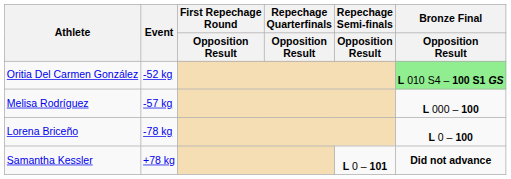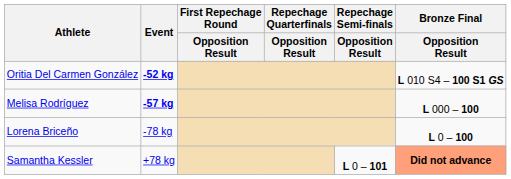 <table class="wikitable" style="font-size:90%">
 <tr>
 <th rowspan="2">Athlete</th>
 <th rowspan="2">Event</th>
 <th>First Repechage <br>Round</th>
 <th>Repechage <br>Quarterfinals</th>
 <th>Repechage <br>Semi-finals</th>
 <th>Bronze Final</th>
 </tr>
 <tr>
 <th>Opposition<br>Result</th>
 <th>Opposition<br>Result</th>
 <th>Opposition<br>Result</th>
 <th>Opposition<br>Result</th>
 </tr>
 <tr>
 <td><a href='#'>Oritia Del Carmen González</a></td>
-<td><a href='#'>-52 kg</a></td>
+<td><strong><a href='#'>-52 kg</a></strong></td>
 <td align="center" bgcolor=wheat colspan=3></td>
-<td align=center style="background: lightgreen;"><br><strong>L</strong> 010 S4 – <strong>100 S1</strong> <strong><em>GS</em></strong></td>
+<td align=center><br><strong>L</strong> 010 S4 – <strong>100 S1</strong> <strong><em>GS</em></strong></td>
 </tr>
 <tr>
 <td><a href='#'>Melisa Rodríguez</a></td>
-<td><a href='#'>-57 kg</a></td>
+<td><strong><a href='#'>-57 kg</a></strong></td>
 <td align="center" bgcolor=wheat colspan=3></td>
 <td align=center><br><strong>L</strong> 000 – <strong>100</strong></td>
 </tr>
 <tr>
 <td><a href='#'>Lorena Briceño</a></td>
 <td><a href='#'>-78 kg</a></td>
 <td align="center" bgcolor=wheat colspan=3></td>
 <td align=center><br><strong>L</strong> 0 – <strong>100</strong></td>
 </tr>
 <tr>
 <td><a href='#'>Samantha Kessler</a></td>
 <td><a href='#'>+78 kg</a></td>
 <td align="center" bgcolor=wheat colspan=2></td>
 <td align=center><br><strong>L</strong> 0 – <strong>101</strong></td>
-<td align=center><strong>Did not advance</strong></td>
+<td align=center style="background: lightsalmon;"><strong>Did not advance</strong></td>
 </tr>
 </table>
